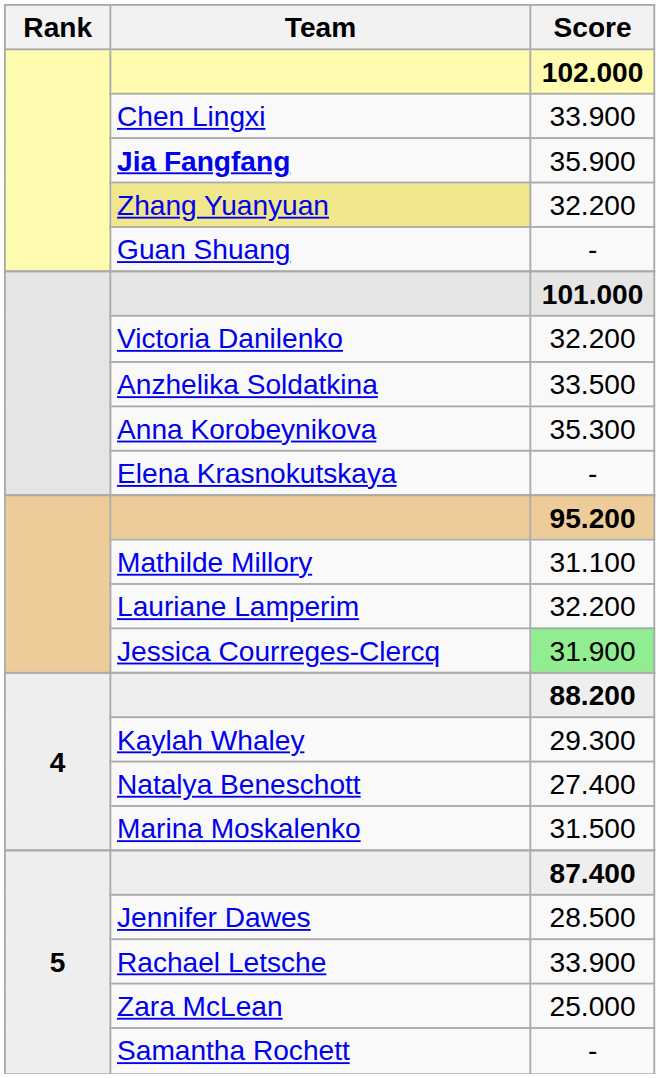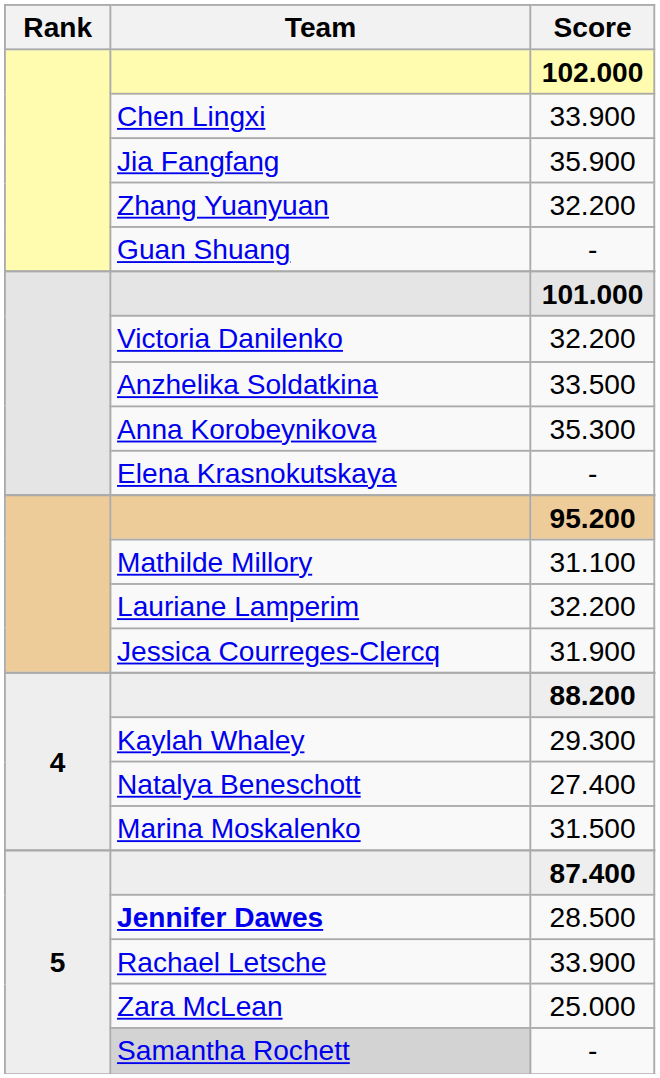 <table class="wikitable" style="text-align:center; font-size:95%">
 <tr>
 <th style="width:50px;">Rank</th>
 <th style="width:220px;">Team</th>
 <th style="width:60px;">Score</th>
 </tr>
 <tr style="background:#fffcaf;">
 <td rowspan=5></td>
 <td style="text-align:left;"><strong></strong></td>
 <td><strong>102.000</strong></td>
 </tr>
 <tr>
 <td style="text-align:left;"><a href='#'>Chen Lingxi</a></td>
 <td>33.900</td>
 </tr>
 <tr>
-<td style="text-align:left;"><strong><a href='#'>Jia Fangfang</a></strong></td>
+<td style="text-align:left;"><a href='#'>Jia Fangfang</a></td>
 <td>35.900</td>
 </tr>
 <tr>
-<td style="background: khaki; text-align:left;"><a href='#'>Zhang Yuanyuan</a></td>
+<td style="text-align:left;"><a href='#'>Zhang Yuanyuan</a></td>
 <td>32.200</td>
 </tr>
 <tr>
 <td style="text-align:left;"><a href='#'>Guan Shuang</a></td>
 <td>-</td>
 </tr>
 <tr>
 </tr>
 <tr style="background:#e5e5e5;">
 <td rowspan=5></td>
 <td style="text-align:left;"><strong></strong></td>
 <td><strong>101.000</strong></td>
 </tr>
 <tr>
 <td style="text-align:left;"><a href='#'>Victoria Danilenko</a></td>
 <td>32.200</td>
 </tr>
 <tr>
 <td style="text-align:left;"><a href='#'>Anzhelika Soldatkina</a></td>
 <td>33.500</td>
 </tr>
 <tr>
 <td style="text-align:left;"><a href='#'>Anna Korobeynikova</a></td>
 <td>35.300</td>
 </tr>
 <tr>
 <td style="text-align:left;"><a href='#'>Elena Krasnokutskaya</a></td>
 <td>-</td>
 </tr>
 <tr>
 </tr>
 <tr style="background:#ec9;">
 <td rowspan=4></td>
 <td style="text-align:left;"><strong></strong></td>
 <td><strong>95.200</strong></td>
 </tr>
 <tr>
 <td style="text-align:left;"><a href='#'>Mathilde Millory</a></td>
 <td>31.100</td>
 </tr>
 <tr>
 <td style="text-align:left;"><a href='#'>Lauriane Lamperim</a></td>
 <td>32.200</td>
 </tr>
 <tr>
 <td style="text-align:left;"><a href='#'>Jessica Courreges-Clercq</a></td>
-<td style="background: lightgreen;">31.900</td>
+<td>31.900</td>
 </tr>
 <tr>
 </tr>
 <tr style="background:#eee;">
 <td rowspan=4><strong>4</strong></td>
 <td style="text-align:left;"><strong></strong></td>
 <td><strong>88.200</strong></td>
 </tr>
 <tr>
 <td style="text-align:left;"><a href='#'>Kaylah Whaley</a></td>
 <td>29.300</td>
 </tr>
 <tr>
 <td style="text-align:left;"><a href='#'>Natalya Beneschott</a></td>
 <td>27.400</td>
 </tr>
 <tr>
 <td style="text-align:left;"><a href='#'>Marina Moskalenko</a></td>
 <td>31.500</td>
 </tr>
 <tr>
 </tr>
 <tr style="background:#eee;">
 <td rowspan=5><strong>5</strong></td>
 <td style="text-align:left;"><strong></strong></td>
 <td><strong>87.400</strong></td>
 </tr>
 <tr>
-<td style="text-align:left;"><a href='#'>Jennifer Dawes</a></td>
+<td style="text-align:left;"><strong><a href='#'>Jennifer Dawes</a></strong></td>
 <td>28.500</td>
 </tr>
 <tr>
 <td style="text-align:left;"><a href='#'>Rachael Letsche</a></td>
 <td>33.900</td>
 </tr>
 <tr>
 <td style="text-align:left;"><a href='#'>Zara McLean</a></td>
 <td>25.000</td>
 </tr>
 <tr>
-<td style="text-align:left;"><a href='#'>Samantha Rochett</a></td>
+<td style="background: lightgrey; text-align:left;"><a href='#'>Samantha Rochett</a></td>
 <td>-</td>
 </tr>
 </table>
